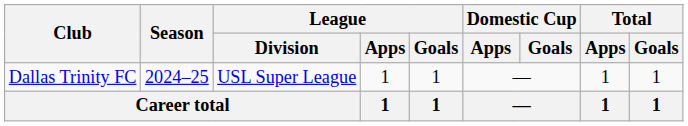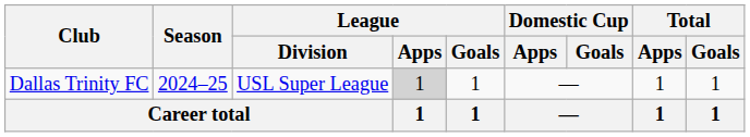 <table class="wikitable" style="text-align: center;">
 <tr>
 <th rowspan="2">Club</th>
 <th rowspan="2">Season</th>
 <th colspan="3">League</th>
 <th colspan="2">Domestic Cup</th>
 <th colspan="2">Total</th>
 </tr>
 <tr>
 <th>Division</th>
 <th>Apps</th>
 <th>Goals</th>
 <th>Apps</th>
 <th>Goals</th>
 <th>Apps</th>
 <th>Goals</th>
 </tr>
 <tr>
 <td><a href='#'>Dallas Trinity FC</a></td>
 <td><a href='#'>2024–25</a></td>
 <td><a href='#'>USL Super League</a></td>
-<td>1</td>
+<td style="background: lightgrey;">1</td>
 <td>1</td>
 <td colspan="2">—</td>
 <td>1</td>
 <td>1</td>
 </tr>
 <tr>
 <th colspan="3">Career total</th>
 <th>1</th>
 <th>1</th>
 <th colspan="2">—</th>
 <th>1</th>
 <th>1</th>
 </tr>
 </table>
